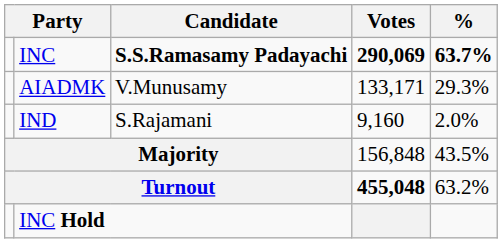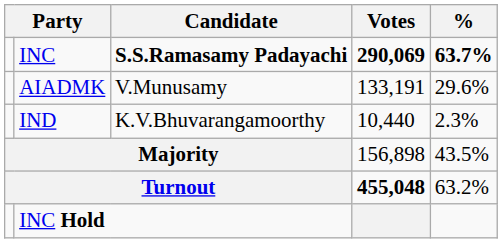 <table class="wikitable">
 <tr>
 <th colspan="2">Party</th>
 <th>Candidate</th>
 <th>Votes</th>
 <th>%</th>
 </tr>
 <tr>
 <td></td>
 <td><a href='#'>INC</a></td>
 <td><strong>S.S.Ramasamy Padayachi</strong></td>
 <td><strong>290,069</strong></td>
 <td><strong>63.7%</strong></td>
 </tr>
 <tr>
 <td></td>
 <td><a href='#'>AIADMK</a></td>
 <td>V.Munusamy</td>
-<td>133,171</td>
-<td>29.3%</td>
+<td>133,191</td>
+<td>29.6%</td>
 </tr>
 <tr>
 <td></td>
 <td><a href='#'>IND</a></td>
-<td>S.Rajamani</td>
-<td>9,160</td>
-<td>2.0%</td>
+<td>K.V.Bhuvarangamoorthy</td>
+<td>10,440</td>
+<td>2.3%</td>
 </tr>
 <tr>
 <th colspan="3">Majority</th>
-<td>156,848</td>
+<td>156,898</td>
 <td>43.5%</td>
 </tr>
 <tr>
 <th colspan="3"><a href='#'>Turnout</a></th>
 <td><strong>455,048</strong></td>
 <td>63.2%</td>
 </tr>
 <tr>
 <td></td>
 <td colspan="2"><a href='#'>INC</a> <strong>Hold</strong></td>
 <th></th>
 <td></td>
 </tr>
 </table>
